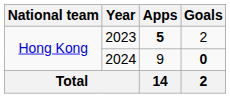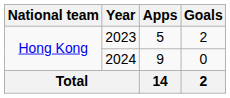 <table class="wikitable" style="text-align:center">
 <tr>
 <th>National team</th>
 <th>Year</th>
 <th>Apps</th>
 <th>Goals</th>
 </tr>
 <tr>
 <td rowspan="2"><a href='#'>Hong Kong</a></td>
 <td>2023</td>
-<td><strong>5</strong></td>
+<td>5</td>
 <td>2</td>
 </tr>
 <tr>
 <td>2024</td>
 <td>9</td>
-<td><strong>0</strong></td>
+<td>0</td>
 </tr>
 <tr>
 <th colspan="2">Total</th>
 <th>14</th>
 <th>2</th>
 </tr>
 </table>
